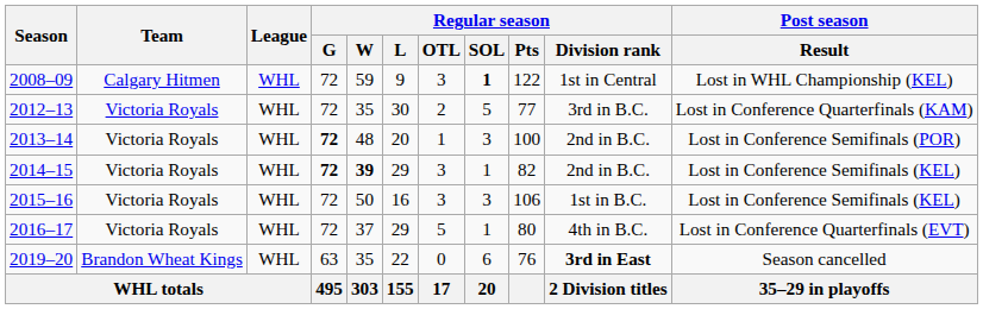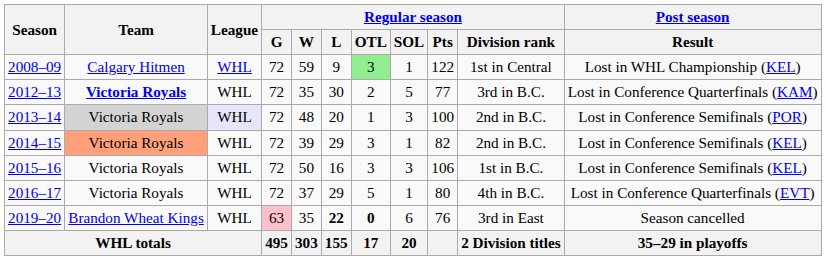 <table class="wikitable" style="font-size: 95%; text-align:center;">
 <tr>
 <th rowspan="2">Season</th>
 <th rowspan="2">Team</th>
 <th rowspan="2">League</th>
 <th colspan="7"><a href='#'>Regular season</a></th>
 <th colspan="1"><a href='#'>Post season</a></th>
 </tr>
 <tr>
 <th>G</th>
 <th>W</th>
 <th>L</th>
 <th>OTL</th>
 <th>SOL</th>
 <th>Pts</th>
 <th>Division rank</th>
 <th>Result</th>
 </tr>
 <tr>
 <td><a href='#'>2008–09</a></td>
 <td><a href='#'>Calgary Hitmen</a></td>
 <td><a href='#'>WHL</a></td>
 <td>72</td>
 <td>59</td>
 <td>9</td>
-<td>3</td>
-<td><strong>1</strong></td>
+<td style="background: lightgreen;">3</td>
+<td>1</td>
 <td>122</td>
 <td>1st in Central</td>
 <td>Lost in WHL Championship (<a href='#'>KEL</a>)</td>
 </tr>
 <tr>
 <td><a href='#'>2012–13</a></td>
-<td><a href='#'>Victoria Royals</a></td>
+<td><strong><a href='#'>Victoria Royals</a></strong></td>
 <td Western Hockey League>WHL</td>
 <td>72</td>
 <td>35</td>
 <td>30</td>
 <td>2</td>
 <td>5</td>
 <td>77</td>
 <td>3rd in B.C.</td>
 <td>Lost in Conference Quarterfinals (<a href='#'>KAM</a>)</td>
 </tr>
 <tr>
 <td><a href='#'>2013–14</a></td>
-<td>Victoria Royals</td>
-<td Western Hockey League>WHL</td>
-<td><strong>72</strong></td>
+<td style="background: lightgrey;">Victoria Royals</td>
+<td Western Hockey League style="background: lavender;">WHL</td>
+<td>72</td>
 <td>48</td>
 <td>20</td>
 <td>1</td>
 <td>3</td>
 <td>100</td>
 <td>2nd in B.C.</td>
 <td>Lost in Conference Semifinals (<a href='#'>POR</a>)</td>
 </tr>
 <tr>
 <td><a href='#'>2014–15</a></td>
-<td>Victoria Royals</td>
+<td style="background: lightsalmon;">Victoria Royals</td>
 <td Western Hockey League>WHL</td>
-<td><strong>72</strong></td>
-<td><strong>39</strong></td>
+<td>72</td>
+<td>39</td>
 <td>29</td>
 <td>3</td>
 <td>1</td>
 <td>82</td>
 <td>2nd in B.C.</td>
 <td>Lost in Conference Semifinals (<a href='#'>KEL</a>)</td>
 </tr>
 <tr>
 <td><a href='#'>2015–16</a></td>
 <td>Victoria Royals</td>
 <td Western Hockey League>WHL</td>
 <td>72</td>
 <td>50</td>
 <td>16</td>
 <td>3</td>
 <td>3</td>
 <td>106</td>
 <td>1st in B.C.</td>
 <td>Lost in Conference Semifinals (<a href='#'>KEL</a>)</td>
 </tr>
 <tr>
 <td><a href='#'>2016–17</a></td>
 <td>Victoria Royals</td>
 <td Western Hockey League>WHL</td>
 <td>72</td>
 <td>37</td>
 <td>29</td>
 <td>5</td>
 <td>1</td>
 <td>80</td>
 <td>4th in B.C.</td>
 <td>Lost in Conference Quarterfinals (<a href='#'>EVT</a>)</td>
 </tr>
 <tr>
 <td><a href='#'>2019–20</a></td>
 <td><a href='#'>Brandon Wheat Kings</a></td>
 <td Western Hockey League>WHL</td>
-<td>63</td>
+<td style="background: pink;">63</td>
 <td>35</td>
-<td>22</td>
-<td>0</td>
+<td><strong>22</strong></td>
+<td><strong>0</strong></td>
 <td>6</td>
 <td>76</td>
-<td><strong>3rd in East</strong></td>
+<td>3rd in East</td>
 <td>Season cancelled</td>
 </tr>
 <tr>
 <th colspan="3">WHL totals</th>
 <th>495</th>
 <th>303</th>
 <th>155</th>
 <th>17</th>
 <th>20</th>
 <th></th>
 <th>2 Division titles</th>
 <th>35–29 in playoffs</th>
 </tr>
 </table>
